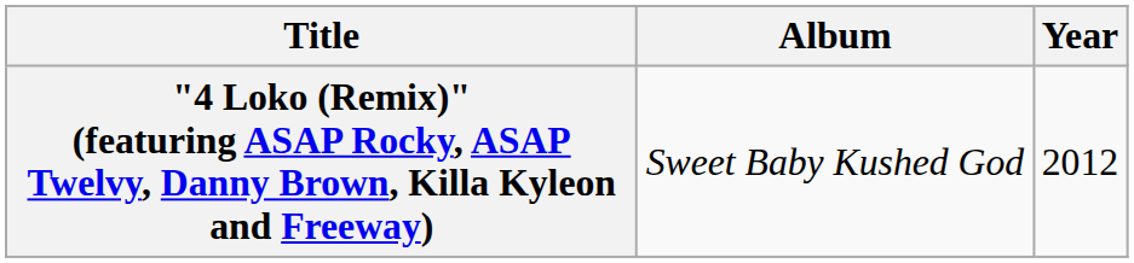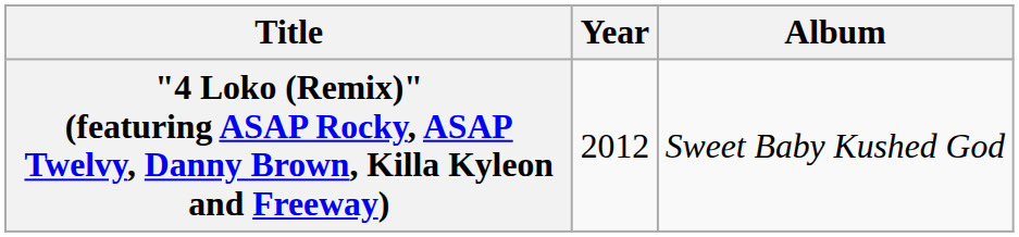 <table class="wikitable plainrowheaders" style="text-align:center;">
 <tr>
 <th scope="col" style="width:16em;">Title</th>
+<th scope="col">Year</th>
 <th scope="col">Album</th>
-<th scope="col">Year</th>
 </tr>
 <tr>
 <th scope="row">"4 Loko (Remix)"<br><span>(featuring <a href='#'>ASAP Rocky</a>, <a href='#'>ASAP Twelvy</a>, <a href='#'>Danny Brown</a>, Killa Kyleon and <a href='#'>Freeway</a>)</span></th>
+<td>2012</td>
 <td><em>Sweet Baby Kushed God</em></td>
-<td>2012</td>
 </tr>
 </table>
